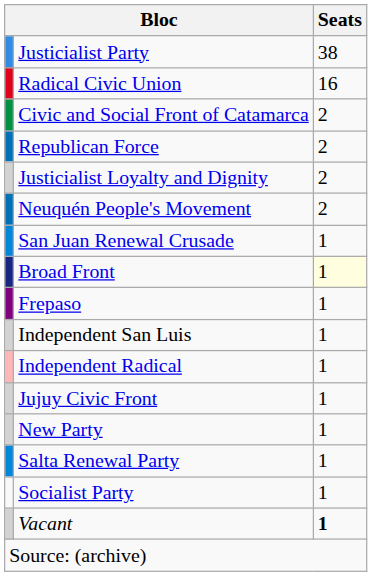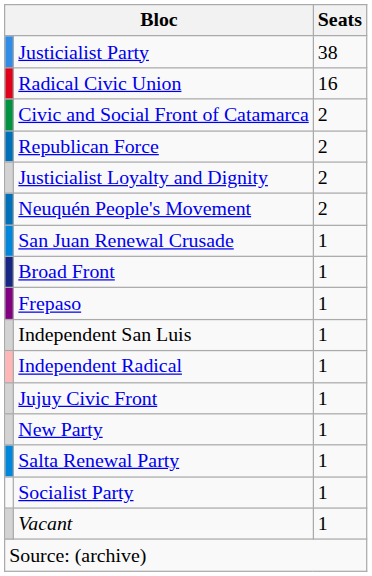 <table class="wikitable">
 <tr>
 <th colspan="2">Bloc</th>
 <th>Seats</th>
 </tr>
 <tr>
 <td style="background-color: #318CE7"></td>
 <td><a href='#'>Justicialist Party</a></td>
 <td>38</td>
 </tr>
 <tr>
 <td style="background-color: #E10019"></td>
 <td><a href='#'>Radical Civic Union</a></td>
 <td>16</td>
 </tr>
 <tr>
 <td style="background-color: #009241"></td>
 <td><a href='#'>Civic and Social Front of Catamarca</a></td>
 <td>2</td>
 </tr>
 <tr>
 <td style="background-color: #0070B8"></td>
 <td><a href='#'>Republican Force</a></td>
 <td>2</td>
 </tr>
 <tr>
 <td style="background-color: #D3D3D3"></td>
 <td><a href='#'>Justicialist Loyalty and Dignity</a></td>
 <td>2</td>
 </tr>
 <tr>
 <td style="background-color: #0070b8"></td>
 <td><a href='#'>Neuquén People's Movement</a></td>
 <td>2</td>
 </tr>
 <tr>
 <td style="background-color: #0087DC"></td>
 <td><a href='#'>San Juan Renewal Crusade</a></td>
 <td>1</td>
 </tr>
 <tr>
 <td style="background-color: #172683"></td>
 <td><a href='#'>Broad Front</a></td>
-<td style="background: lightyellow;">1</td>
+<td>1</td>
 </tr>
 <tr>
 <td style="background-color: purple"></td>
 <td><a href='#'>Frepaso</a></td>
 <td>1</td>
 </tr>
 <tr>
 <td style="background-color: #D3D3D3"></td>
 <td>Independent San Luis</td>
 <td>1</td>
 </tr>
 <tr>
 <td style="background-color: #FFB6B6"></td>
 <td><a href='#'>Independent Radical</a></td>
 <td>1</td>
 </tr>
 <tr>
 <td style="background-color: #D3D3D3"></td>
 <td><a href='#'>Jujuy Civic Front</a></td>
 <td>1</td>
 </tr>
 <tr>
 <td style="background-color: #D3D3D3"></td>
 <td><a href='#'>New Party</a></td>
 <td>1</td>
 </tr>
 <tr>
 <td style="background-color: #0087DC"></td>
 <td><a href='#'>Salta Renewal Party</a></td>
 <td>1</td>
 </tr>
 <tr>
 <td style="background-color: "></td>
 <td><a href='#'>Socialist Party</a></td>
 <td>1</td>
 </tr>
 <tr>
 <td style="background-color: #D3D3D3"></td>
 <td><em>Vacant</em></td>
-<td><strong>1</strong></td>
+<td>1</td>
 </tr>
 <tr>
 <td colspan=4>Source:  (archive)</td>
 </tr>
 </table>
